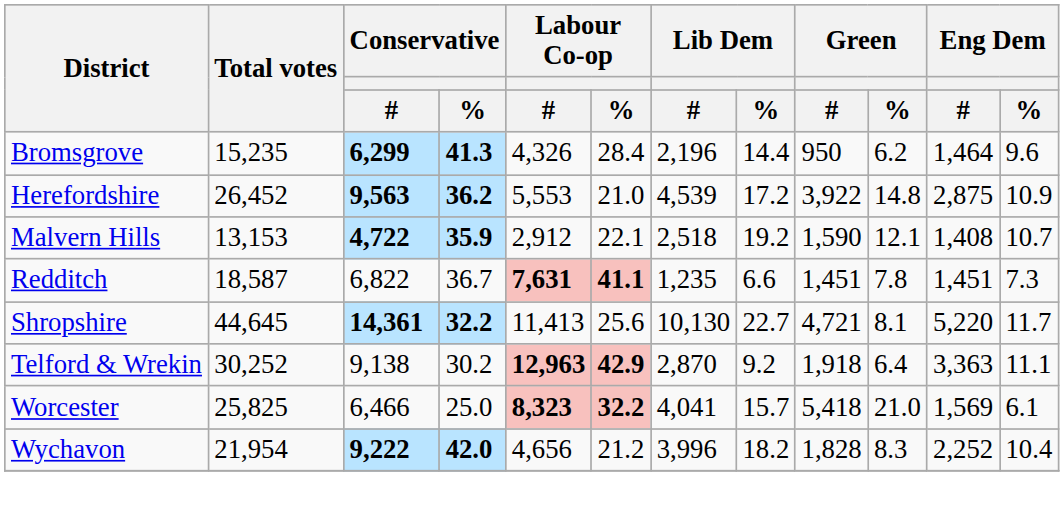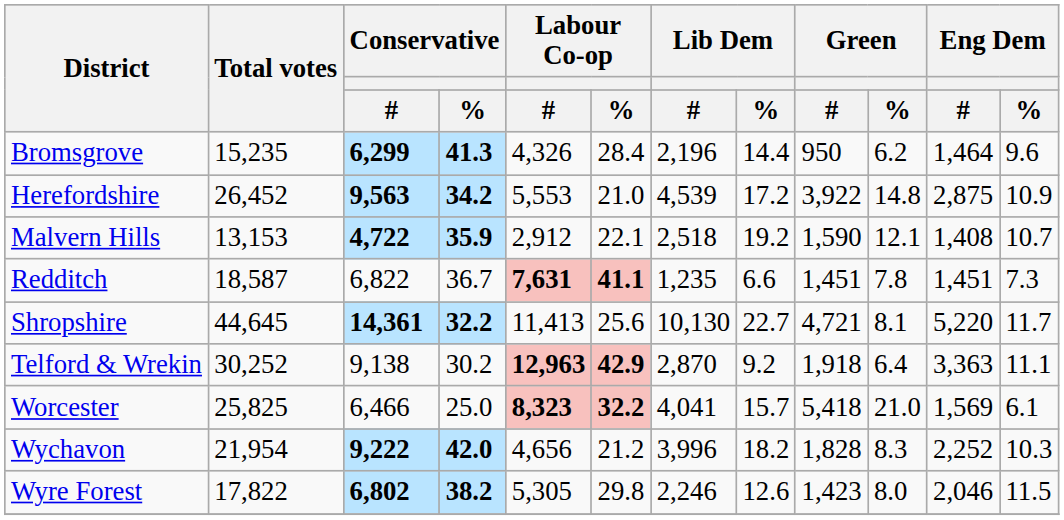 <table class="wikitable sortable">
 <tr>
 <th rowspan=3>District</th>
 <th rowspan=3>Total votes</th>
 <th colspan="2">Conservative</th>
 <th colspan="2">Labour<br>Co-op</th>
 <th colspan="2">Lib Dem</th>
 <th colspan="2">Green</th>
 <th colspan="2">Eng Dem</th>
 </tr>
 <tr>
 <th colspan="2" style="background:"></th>
 <th colspan="2" style="background:"></th>
 <th colspan="2" style="background:"></th>
 <th colspan="2" style="background:"></th>
 <th colspan="2" style="background:"></th>
 </tr>
 <tr>
 <th>#</th>
 <th>%</th>
 <th>#</th>
 <th>%</th>
 <th>#</th>
 <th>%</th>
 <th>#</th>
 <th>%</th>
 <th>#</th>
 <th>%</th>
 </tr>
 <tr>
 <td><a href='#'>Bromsgrove</a></td>
 <td>15,235</td>
 <td style="background:#B9E4FF;"><strong>6,299</strong></td>
 <td style="background:#B9E4FF;"><strong>41.3</strong></td>
 <td>4,326</td>
 <td>28.4</td>
 <td>2,196</td>
 <td>14.4</td>
 <td>950</td>
 <td>6.2</td>
 <td>1,464</td>
 <td>9.6</td>
 </tr>
 <tr>
 <td><a href='#'>Herefordshire</a></td>
 <td>26,452</td>
 <td style="background:#B9E4FF;"><strong>9,563</strong></td>
-<td style="background:#B9E4FF;"><strong>36.2</strong></td>
+<td style="background:#B9E4FF;"><strong>34.2</strong></td>
 <td>5,553</td>
 <td>21.0</td>
 <td>4,539</td>
 <td>17.2</td>
 <td>3,922</td>
 <td>14.8</td>
 <td>2,875</td>
 <td>10.9</td>
 </tr>
 <tr>
 <td><a href='#'>Malvern Hills</a></td>
 <td>13,153</td>
 <td style="background:#B9E4FF;"><strong>4,722</strong></td>
 <td style="background:#B9E4FF;"><strong>35.9</strong></td>
 <td>2,912</td>
 <td>22.1</td>
 <td>2,518</td>
 <td>19.2</td>
 <td>1,590</td>
 <td>12.1</td>
 <td>1,408</td>
 <td>10.7</td>
 </tr>
 <tr>
 <td><a href='#'>Redditch</a></td>
 <td>18,587</td>
 <td>6,822</td>
 <td>36.7</td>
 <td style="background:#F8C1BE;"><strong>7,631</strong></td>
 <td style="background:#F8C1BE;"><strong>41.1</strong></td>
 <td>1,235</td>
 <td>6.6</td>
 <td>1,451</td>
 <td>7.8</td>
 <td>1,451</td>
 <td>7.3</td>
 </tr>
 <tr>
 <td><a href='#'>Shropshire</a></td>
 <td>44,645</td>
 <td style="background:#B9E4FF;"><strong>14,361</strong></td>
 <td style="background:#B9E4FF;"><strong>32.2</strong></td>
 <td>11,413</td>
 <td>25.6</td>
 <td>10,130</td>
 <td>22.7</td>
 <td>4,721</td>
 <td>8.1</td>
 <td>5,220</td>
 <td>11.7</td>
 </tr>
 <tr>
 <td><a href='#'>Telford & Wrekin</a></td>
 <td>30,252</td>
 <td>9,138</td>
 <td>30.2</td>
 <td style="background:#F8C1BE;"><strong>12,963</strong></td>
 <td style="background:#F8C1BE;"><strong>42.9</strong></td>
 <td>2,870</td>
 <td>9.2</td>
 <td>1,918</td>
 <td>6.4</td>
 <td>3,363</td>
 <td>11.1</td>
 </tr>
 <tr>
 <td><a href='#'>Worcester</a></td>
 <td>25,825</td>
 <td>6,466</td>
 <td>25.0</td>
 <td style="background:#F8C1BE;"><strong>8,323</strong></td>
 <td style="background:#F8C1BE;"><strong>32.2</strong></td>
 <td>4,041</td>
 <td>15.7</td>
 <td>5,418</td>
 <td>21.0</td>
 <td>1,569</td>
 <td>6.1</td>
 </tr>
 <tr>
 <td><a href='#'>Wychavon</a></td>
 <td>21,954</td>
 <td style="background:#B9E4FF;"><strong>9,222</strong></td>
 <td style="background:#B9E4FF;"><strong>42.0</strong></td>
 <td>4,656</td>
 <td>21.2</td>
 <td>3,996</td>
 <td>18.2</td>
 <td>1,828</td>
 <td>8.3</td>
 <td>2,252</td>
-<td>10.4</td>
+<td>10.3</td>
+</tr>
+<tr>
+<td><a href='#'>Wyre Forest</a></td>
+<td>17,822</td>
+<td style="background:#B9E4FF;"><strong>6,802</strong></td>
+<td style="background:#B9E4FF;"><strong>38.2</strong></td>
+<td>5,305</td>
+<td>29.8</td>
+<td>2,246</td>
+<td>12.6</td>
+<td>1,423</td>
+<td>8.0</td>
+<td>2,046</td>
+<td>11.5</td>
 </tr>
 <tr>
 </tr>
 </table>
